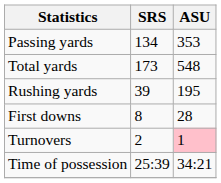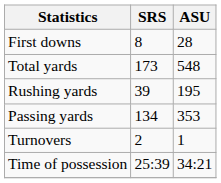 <table class="wikitable" style="float: left;">
 <tr>
 <th>Statistics</th>
 <th>SRS</th>
 <th>ASU</th>
 </tr>
 <tr>
-<td>Passing yards</td>
-<td>134</td>
-<td>353</td>
+<td>First downs</td>
+<td>8</td>
+<td>28</td>
 </tr>
 <tr>
 <td>Total yards</td>
 <td>173</td>
 <td>548</td>
 </tr>
 <tr>
 <td>Rushing yards</td>
 <td>39</td>
 <td>195</td>
 </tr>
 <tr>
-<td>First downs</td>
-<td>8</td>
-<td>28</td>
+<td>Passing yards</td>
+<td>134</td>
+<td>353</td>
 </tr>
 <tr>
 <td>Turnovers</td>
 <td>2</td>
-<td style="background: pink;">1</td>
+<td>1</td>
 </tr>
 <tr>
 <td>Time of possession</td>
 <td>25:39</td>
 <td>34:21</td>
 </tr>
 <tr>
 </tr>
 </table>
